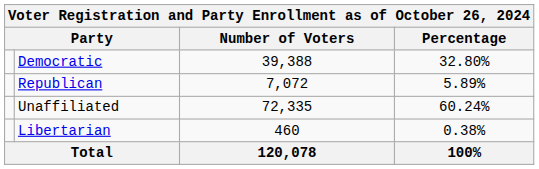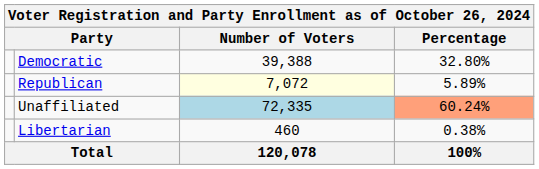 <table class="wikitable">
 <tr>
 <th colspan = 6>Voter Registration and Party Enrollment as of October 26, 2024</th>
 </tr>
 <tr>
 <th colspan = 2>Party</th>
 <th>Number of Voters</th>
 <th>Percentage</th>
 </tr>
 <tr>
 <td></td>
 <td><a href='#'>Democratic</a></td>
 <td style="text-align:center;">39,388</td>
 <td style="text-align:center;">32.80%</td>
 </tr>
 <tr>
 <td></td>
 <td><a href='#'>Republican</a></td>
-<td style="text-align:center;">7,072</td>
+<td style="background: lightyellow; text-align:center;">7,072</td>
 <td style="text-align:center;">5.89%</td>
 </tr>
 <tr>
 <td></td>
 <td>Unaffiliated</td>
-<td style="text-align:center;">72,335</td>
-<td style="text-align:center;">60.24%</td>
+<td style="background: lightblue; text-align:center;">72,335</td>
+<td style="background: lightsalmon; text-align:center;">60.24%</td>
 </tr>
 <tr>
 <td></td>
 <td><a href='#'>Libertarian</a></td>
 <td style="text-align:center;">460</td>
 <td style="text-align:center;">0.38%</td>
 </tr>
 <tr>
 <th colspan = 2>Total</th>
 <th style="text-align:center;">120,078</th>
 <th style="text-align:center;">100%</th>
 </tr>
 </table>
